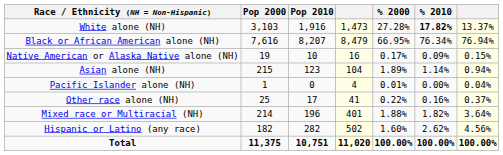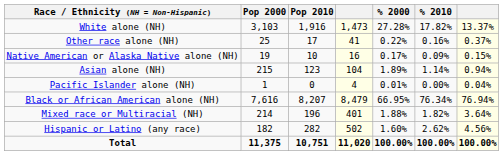 <table class="wikitable" style="text-align:center;">
 <tr>
 <th>Race / Ethnicity <small>(<em>NH = Non-Hispanic</em>)</small></th>
 <th>Pop 2000</th>
 <th>Pop 2010</th>
 <th></th>
 <th>% 2000</th>
 <th>% 2010</th>
 <th></th>
 </tr>
 <tr>
 <td><a href='#'>White</a> alone (NH)</td>
 <td>3,103</td>
 <td>1,916</td>
 <td style='background: #ffffe6;'>1,473</td>
 <td>27.28%</td>
-<td><strong>17.82%</strong></td>
+<td>17.82%</td>
 <td style='background: #ffffe6;'>13.37%</td>
 </tr>
 <tr>
-<td><a href='#'>Black or African American</a> alone (NH)</td>
-<td>7,616</td>
-<td>8,207</td>
-<td style='background: #ffffe6;'>8,479</td>
-<td>66.95%</td>
-<td>76.34%</td>
-<td style='background: #ffffe6;'>76.94%</td>
+<td><a href='#'>Other race</a> alone (NH)</td>
+<td>25</td>
+<td>17</td>
+<td style='background: #ffffe6;'>41</td>
+<td>0.22%</td>
+<td>0.16%</td>
+<td style='background: #ffffe6;'>0.37%</td>
 </tr>
 <tr>
 <td><a href='#'>Native American</a> or <a href='#'>Alaska Native</a> alone (NH)</td>
 <td>19</td>
 <td>10</td>
 <td style='background: #ffffe6;'>16</td>
 <td>0.17%</td>
 <td>0.09%</td>
 <td style='background: #ffffe6;'>0.15%</td>
 </tr>
 <tr>
 <td><a href='#'>Asian</a> alone (NH)</td>
 <td>215</td>
 <td>123</td>
 <td style='background: #ffffe6;'>104</td>
 <td>1.89%</td>
 <td>1.14%</td>
 <td style='background: #ffffe6;'>0.94%</td>
 </tr>
 <tr>
 <td><a href='#'>Pacific Islander</a> alone (NH)</td>
 <td>1</td>
 <td>0</td>
 <td style='background: #ffffe6;'>4</td>
 <td>0.01%</td>
 <td>0.00%</td>
 <td style='background: #ffffe6;'>0.04%</td>
 </tr>
 <tr>
-<td><a href='#'>Other race</a> alone (NH)</td>
-<td>25</td>
-<td>17</td>
-<td style='background: #ffffe6;'>41</td>
-<td>0.22%</td>
-<td>0.16%</td>
-<td style='background: #ffffe6;'>0.37%</td>
+<td><a href='#'>Black or African American</a> alone (NH)</td>
+<td>7,616</td>
+<td>8,207</td>
+<td style='background: #ffffe6;'>8,479</td>
+<td>66.95%</td>
+<td>76.34%</td>
+<td style='background: #ffffe6;'>76.94%</td>
 </tr>
 <tr>
 <td><a href='#'>Mixed race or Multiracial</a> (NH)</td>
 <td>214</td>
 <td>196</td>
 <td style='background: #ffffe6;'>401</td>
 <td>1.88%</td>
 <td>1.82%</td>
 <td style='background: #ffffe6;'>3.64%</td>
 </tr>
 <tr>
 <td><a href='#'>Hispanic or Latino</a> (any race)</td>
 <td>182</td>
 <td>282</td>
 <td style='background: #ffffe6;'>502</td>
 <td>1.60%</td>
 <td>2.62%</td>
 <td style='background: #ffffe6;'>4.56%</td>
 </tr>
 <tr>
 <td><strong>Total</strong></td>
 <td><strong>11,375</strong></td>
 <td><strong>10,751</strong></td>
 <td style='background: #ffffe6;'><strong>11,020</strong></td>
 <td><strong>100.00%</strong></td>
 <td><strong>100.00%</strong></td>
 <td style='background: #ffffe6;'><strong>100.00%</strong></td>
 </tr>
 </table>
